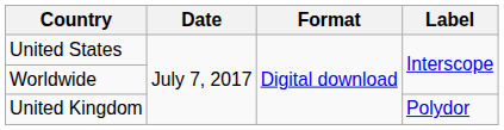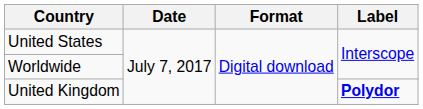 <table class="wikitable">
 <tr>
 <th>Country</th>
 <th>Date</th>
 <th>Format</th>
 <th>Label</th>
 </tr>
 <tr>
 <td>United States</td>
 <td rowspan="3">July 7, 2017</td>
 <td rowspan="3"><a href='#'>Digital download</a></td>
 <td rowspan="2"><a href='#'>Interscope</a></td>
 </tr>
 <tr>
 <td>Worldwide</td>
 </tr>
 <tr>
 <td>United Kingdom</td>
-<td><a href='#'>Polydor</a></td>
+<td><strong><a href='#'>Polydor</a></strong></td>
 </tr>
 </table>
